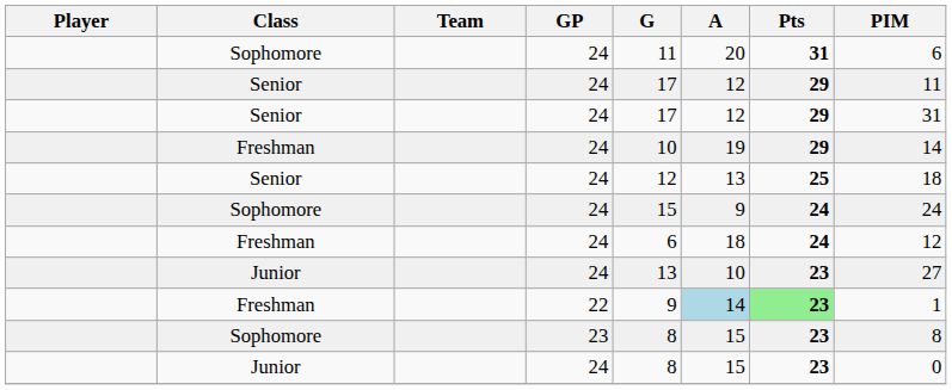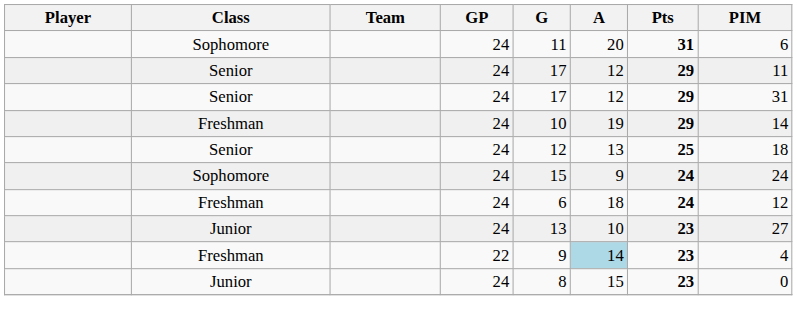 <table class="wikitable sortable" style="text-align: center; "width=60%">
 <tr>
 <th>Player</th>
 <th>Class</th>
 <th>Team</th>
 <th>GP</th>
 <th>G</th>
 <th>A</th>
 <th>Pts</th>
 <th>PIM</th>
 </tr>
 <tr>
 <td style="text-align: left"></td>
 <td>Sophomore</td>
 <td><strong><a href='#'></a></strong></td>
 <td style="text-align: right">24</td>
 <td style="text-align: right">11</td>
 <td style="text-align: right">20</td>
 <td style="text-align: right"><strong>31</strong></td>
 <td style="text-align: right">6</td>
 </tr>
 <tr bgcolor=f0f0f0>
 <td style="text-align: left"></td>
 <td>Senior</td>
 <td><strong><a href='#'></a></strong></td>
 <td style="text-align: right">24</td>
 <td style="text-align: right">17</td>
 <td style="text-align: right">12</td>
 <td style="text-align: right"><strong>29</strong></td>
 <td style="text-align: right">11</td>
 </tr>
 <tr>
 <td style="text-align: left"></td>
 <td>Senior</td>
 <td><strong><a href='#'></a></strong></td>
 <td style="text-align: right">24</td>
 <td style="text-align: right">17</td>
 <td style="text-align: right">12</td>
 <td style="text-align: right"><strong>29</strong></td>
 <td style="text-align: right">31</td>
 </tr>
 <tr bgcolor=f0f0f0>
 <td style="text-align: left"></td>
 <td>Freshman</td>
 <td><strong><a href='#'></a></strong></td>
 <td style="text-align: right">24</td>
 <td style="text-align: right">10</td>
 <td style="text-align: right">19</td>
 <td style="text-align: right"><strong>29</strong></td>
 <td style="text-align: right">14</td>
 </tr>
 <tr>
 <td style="text-align: left"></td>
 <td>Senior</td>
 <td><strong><a href='#'></a></strong></td>
 <td style="text-align: right">24</td>
 <td style="text-align: right">12</td>
 <td style="text-align: right">13</td>
 <td style="text-align: right"><strong>25</strong></td>
 <td style="text-align: right">18</td>
 </tr>
 <tr bgcolor=f0f0f0>
 <td style="text-align: left"></td>
 <td>Sophomore</td>
 <td><strong><a href='#'></a></strong></td>
 <td style="text-align: right">24</td>
 <td style="text-align: right">15</td>
 <td style="text-align: right">9</td>
 <td style="text-align: right"><strong>24</strong></td>
 <td style="text-align: right">24</td>
 </tr>
 <tr>
 <td style="text-align: left"></td>
 <td>Freshman</td>
 <td><strong><a href='#'></a></strong></td>
 <td style="text-align: right">24</td>
 <td style="text-align: right">6</td>
 <td style="text-align: right">18</td>
 <td style="text-align: right"><strong>24</strong></td>
 <td style="text-align: right">12</td>
 </tr>
 <tr bgcolor=f0f0f0>
 <td style="text-align: left"></td>
 <td>Junior</td>
 <td><strong><a href='#'></a></strong></td>
 <td style="text-align: right">24</td>
 <td style="text-align: right">13</td>
 <td style="text-align: right">10</td>
 <td style="text-align: right"><strong>23</strong></td>
 <td style="text-align: right">27</td>
 </tr>
 <tr>
 <td style="text-align: left"></td>
 <td>Freshman</td>
 <td><strong><a href='#'></a></strong></td>
 <td style="text-align: right">22</td>
 <td style="text-align: right">9</td>
 <td style="background: lightblue; text-align: right">14</td>
-<td style="background: lightgreen; text-align: right"><strong>23</strong></td>
-<td style="text-align: right">1</td>
-</tr>
-<tr bgcolor=f0f0f0>
-<td style="text-align: left"></td>
-<td>Sophomore</td>
-<td><strong><a href='#'></a></strong></td>
-<td style="text-align: right">23</td>
-<td style="text-align: right">8</td>
-<td style="text-align: right">15</td>
 <td style="text-align: right"><strong>23</strong></td>
-<td style="text-align: right">8</td>
+<td style="text-align: right">4</td>
 </tr>
 <tr>
 <td style="text-align: left"></td>
 <td>Junior</td>
 <td><strong><a href='#'></a></strong></td>
 <td style="text-align: right">24</td>
 <td style="text-align: right">8</td>
 <td style="text-align: right">15</td>
 <td style="text-align: right"><strong>23</strong></td>
 <td style="text-align: right">0</td>
 </tr>
 <tr>
 </tr>
 </table>
